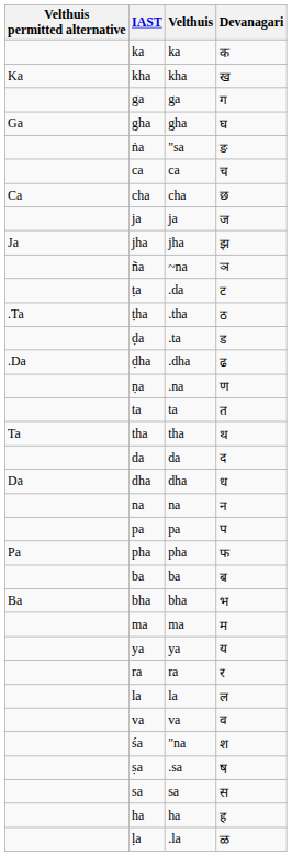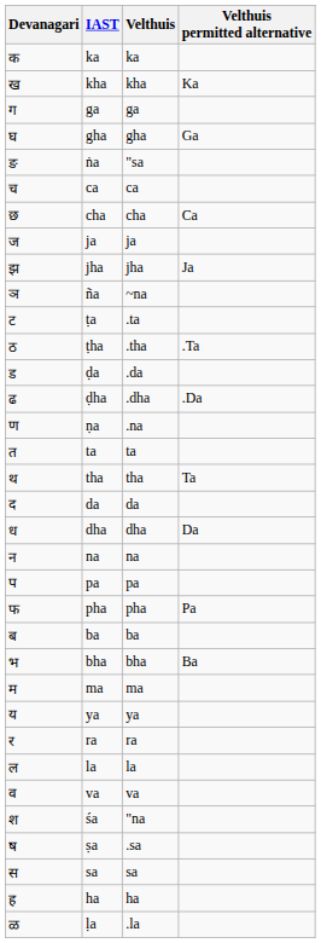 <table class="wikitable">
 <tr>
-<th>Velthuis<br>permitted alternative</th>
+<th>Devanagari</th>
 <th><a href='#'>IAST</a></th>
 <th>Velthuis</th>
-<th>Devanagari</th>
+<th>Velthuis<br>permitted alternative</th>
 </tr>
 <tr>
-<td></td>
+<td>क</td>
 <td>ka</td>
 <td>ka</td>
-<td>क</td>
+<td></td>
 </tr>
 <tr>
-<td>Ka</td>
+<td>ख</td>
 <td>kha</td>
 <td>kha</td>
-<td>ख</td>
+<td>Ka</td>
 </tr>
 <tr>
-<td></td>
+<td>ग</td>
 <td>ga</td>
 <td>ga</td>
-<td>ग</td>
+<td></td>
 </tr>
 <tr>
-<td>Ga</td>
+<td>घ</td>
 <td>gha</td>
 <td>gha</td>
-<td>घ</td>
+<td>Ga</td>
 </tr>
 <tr>
-<td></td>
+<td>ङ</td>
 <td>ṅa</td>
 <td>"sa</td>
-<td>ङ</td>
+<td></td>
 </tr>
 <tr>
-<td></td>
+<td>च</td>
 <td>ca</td>
 <td>ca</td>
-<td>च</td>
+<td></td>
 </tr>
 <tr>
-<td>Ca</td>
+<td>छ</td>
 <td>cha</td>
 <td>cha</td>
-<td>छ</td>
+<td>Ca</td>
 </tr>
 <tr>
-<td></td>
+<td>ज</td>
 <td>ja</td>
 <td>ja</td>
-<td>ज</td>
+<td></td>
 </tr>
 <tr>
-<td>Ja</td>
+<td>झ</td>
 <td>jha</td>
 <td>jha</td>
-<td>झ</td>
+<td>Ja</td>
 </tr>
 <tr>
-<td></td>
+<td>ञ</td>
 <td>ña</td>
 <td>~na</td>
-<td>ञ</td>
+<td></td>
 </tr>
 <tr>
+<td>ट</td>
+<td>ṭa</td>
+<td>.ta</td>
 <td></td>
-<td>ṭa</td>
-<td>.da</td>
-<td>ट</td>
 </tr>
 <tr>
-<td>.Ta</td>
+<td>ठ</td>
 <td>ṭha</td>
 <td>.tha</td>
-<td>ठ</td>
+<td>.Ta</td>
 </tr>
 <tr>
+<td>ड</td>
+<td>ḍa</td>
+<td>.da</td>
 <td></td>
-<td>ḍa</td>
-<td>.ta</td>
-<td>ड</td>
 </tr>
 <tr>
-<td>.Da</td>
+<td>ढ</td>
 <td>ḍha</td>
 <td>.dha</td>
-<td>ढ</td>
+<td>.Da</td>
 </tr>
 <tr>
-<td></td>
+<td>ण</td>
 <td>ṇa</td>
 <td>.na</td>
-<td>ण</td>
+<td></td>
 </tr>
 <tr>
-<td></td>
+<td>त</td>
 <td>ta</td>
 <td>ta</td>
-<td>त</td>
+<td></td>
 </tr>
 <tr>
-<td>Ta</td>
+<td>थ</td>
 <td>tha</td>
 <td>tha</td>
-<td>थ</td>
+<td>Ta</td>
 </tr>
 <tr>
-<td></td>
+<td>द</td>
 <td>da</td>
 <td>da</td>
-<td>द</td>
+<td></td>
 </tr>
 <tr>
-<td>Da</td>
+<td>ध</td>
 <td>dha</td>
 <td>dha</td>
-<td>ध</td>
+<td>Da</td>
 </tr>
 <tr>
-<td></td>
+<td>न</td>
 <td>na</td>
 <td>na</td>
-<td>न</td>
+<td></td>
 </tr>
 <tr>
-<td></td>
+<td>प</td>
 <td>pa</td>
 <td>pa</td>
-<td>प</td>
+<td></td>
 </tr>
 <tr>
-<td>Pa</td>
+<td>फ</td>
 <td>pha</td>
 <td>pha</td>
-<td>फ</td>
+<td>Pa</td>
 </tr>
 <tr>
-<td></td>
+<td>ब</td>
 <td>ba</td>
 <td>ba</td>
-<td>ब</td>
+<td></td>
 </tr>
 <tr>
-<td>Ba</td>
+<td>भ</td>
 <td>bha</td>
 <td>bha</td>
-<td>भ</td>
+<td>Ba</td>
 </tr>
 <tr>
-<td></td>
+<td>म</td>
 <td>ma</td>
 <td>ma</td>
-<td>म</td>
+<td></td>
 </tr>
 <tr>
-<td></td>
+<td>य</td>
 <td>ya</td>
 <td>ya</td>
-<td>य</td>
+<td></td>
 </tr>
 <tr>
-<td></td>
+<td>र</td>
 <td>ra</td>
 <td>ra</td>
-<td>र</td>
+<td></td>
 </tr>
 <tr>
-<td></td>
+<td>ल</td>
 <td>la</td>
 <td>la</td>
-<td>ल</td>
+<td></td>
 </tr>
 <tr>
-<td></td>
+<td>व</td>
 <td>va</td>
 <td>va</td>
-<td>व</td>
+<td></td>
 </tr>
 <tr>
-<td></td>
+<td>श</td>
 <td>śa</td>
 <td>"na</td>
-<td>श</td>
+<td></td>
 </tr>
 <tr>
-<td></td>
+<td>ष</td>
 <td>ṣa</td>
 <td>.sa</td>
-<td>ष</td>
+<td></td>
 </tr>
 <tr>
-<td></td>
+<td>स</td>
 <td>sa</td>
 <td>sa</td>
-<td>स</td>
+<td></td>
 </tr>
 <tr>
-<td></td>
+<td>ह</td>
 <td>ha</td>
 <td>ha</td>
-<td>ह</td>
+<td></td>
 </tr>
 <tr>
-<td></td>
+<td>ळ</td>
 <td>ḷa</td>
 <td>.la</td>
-<td>ळ</td>
+<td></td>
 </tr>
 </table>
